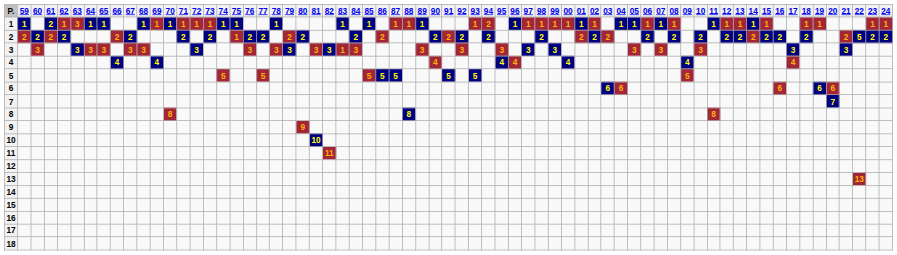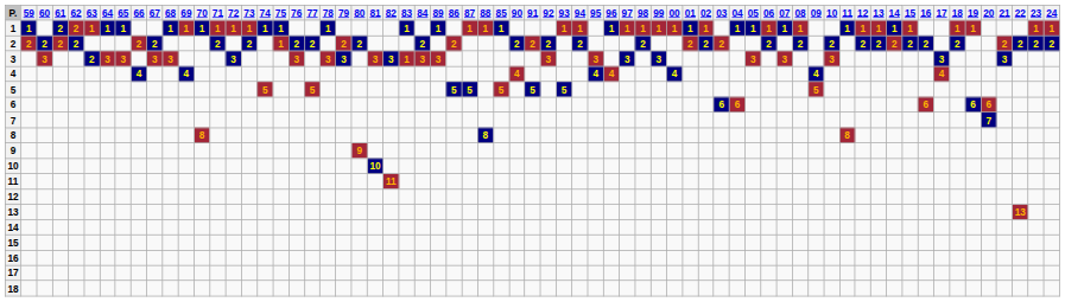 <table class="wikitable" style="text-align: center; font-size:70%">
 <tr>
 <th style="background:#c0c0c0">P.</th>
 <th><strong><a href='#'>59</a></strong></th>
 <th><strong><a href='#'>60</a></strong></th>
 <th><strong><a href='#'>61</a></strong></th>
 <th><strong><a href='#'>62</a></strong></th>
 <th><strong><a href='#'>63</a></strong></th>
 <th><strong><a href='#'>64</a></strong></th>
 <th><strong><a href='#'>65</a></strong></th>
 <th><strong><a href='#'>66</a></strong></th>
 <th><strong><a href='#'>67</a></strong></th>
 <th><strong><a href='#'>68</a></strong></th>
 <th><strong><a href='#'>69</a></strong></th>
 <th><strong><a href='#'>70</a></strong></th>
 <th><strong><a href='#'>71</a></strong></th>
 <th><strong><a href='#'>72</a></strong></th>
 <th><strong><a href='#'>73</a></strong></th>
 <th><strong><a href='#'>74</a></strong></th>
 <th><strong><a href='#'>75</a></strong></th>
 <th><strong><a href='#'>76</a></strong></th>
 <th><strong><a href='#'>77</a></strong></th>
 <th><strong><a href='#'>78</a></strong></th>
 <th><strong><a href='#'>79</a></strong></th>
 <th><strong><a href='#'>80</a></strong></th>
 <th><strong><a href='#'>81</a></strong></th>
 <th><strong><a href='#'>82</a></strong></th>
 <th><strong><a href='#'>83</a></strong></th>
 <th><strong><a href='#'>84</a></strong></th>
-<th><strong><a href='#'>85</a></strong></th>
+<th><strong><a href='#'>89</a></strong></th>
 <th><strong><a href='#'>86</a></strong></th>
 <th><strong><a href='#'>87</a></strong></th>
 <th><strong><a href='#'>88</a></strong></th>
-<th><strong><a href='#'>89</a></strong></th>
+<th><strong><a href='#'>85</a></strong></th>
 <th><strong><a href='#'>90</a></strong></th>
 <th><strong><a href='#'>91</a></strong></th>
 <th><strong><a href='#'>92</a></strong></th>
 <th><strong><a href='#'>93</a></strong></th>
 <th><strong><a href='#'>94</a></strong></th>
 <th><strong><a href='#'>95</a></strong></th>
 <th><strong><a href='#'>96</a></strong></th>
 <th><strong><a href='#'>97</a></strong></th>
 <th><strong><a href='#'>98</a></strong></th>
 <th><strong><a href='#'>99</a></strong></th>
 <th><strong><a href='#'>00</a></strong></th>
 <th><strong><a href='#'>01</a></strong></th>
 <th><strong><a href='#'>02</a></strong></th>
 <th><strong><a href='#'>03</a></strong></th>
 <th><strong><a href='#'>04</a></strong></th>
 <th><strong><a href='#'>05</a></strong></th>
 <th><strong><a href='#'>06</a></strong></th>
 <th><strong><a href='#'>07</a></strong></th>
 <th><strong><a href='#'>08</a></strong></th>
 <th><strong><a href='#'>09</a></strong></th>
 <th><strong><a href='#'>10</a></strong></th>
 <th><strong><a href='#'>11</a></strong></th>
 <th><strong><a href='#'>12</a></strong></th>
 <th><strong><a href='#'>13</a></strong></th>
 <th><strong><a href='#'>14</a></strong></th>
 <th><strong><a href='#'>15</a></strong></th>
 <th><strong><a href='#'>16</a></strong></th>
 <th><strong><a href='#'>17</a></strong></th>
 <th><strong><a href='#'>18</a></strong></th>
 <th><strong><a href='#'>19</a></strong></th>
 <th><strong><a href='#'>20</a></strong></th>
 <th><strong><a href='#'>21</a></strong></th>
 <th><strong><a href='#'>22</a></strong></th>
 <th><strong><a href='#'>23</a></strong></th>
 <th><strong><a href='#'>24</a></strong></th>
 </tr>
 <tr>
 <th>1</th>
 <td style="background-color:navy; color:yellow;"><strong>1</strong></td>
 <td></td>
 <td style="background-color:navy; color:yellow;"><strong>2</strong></td>
+<td style="background-color:#A32638; color:#FFB300;"><strong>2</strong></td>
 <td style="background-color:#A32638; color:#FFB300;"><strong>1</strong></td>
-<td style="background-color:#A32638; color:#FFB300;"><strong>3</strong></td>
 <td style="background-color:navy; color:yellow;"><strong>1</strong></td>
 <td style="background-color:navy; color:yellow;"><strong>1</strong></td>
 <td></td>
 <td></td>
 <td style="background-color:navy; color:yellow;"><strong>1</strong></td>
 <td style="background-color:#A32638; color:#FFB300;"><strong>1</strong></td>
 <td style="background-color:navy; color:yellow;"><strong>1</strong></td>
 <td style="background-color:#A32638; color:#FFB300;"><strong>1</strong></td>
 <td style="background-color:#A32638; color:#FFB300;"><strong>1</strong></td>
 <td style="background-color:#A32638; color:#FFB300;"><strong>1</strong></td>
 <td style="background-color:navy; color:yellow;"><strong>1</strong></td>
 <td style="background-color:navy; color:yellow;"><strong>1</strong></td>
 <td></td>
 <td></td>
 <td style="background-color:navy; color:yellow;"><strong>1</strong></td>
 <td></td>
 <td></td>
 <td></td>
 <td></td>
 <td style="background-color:navy; color:yellow;"><strong>1</strong></td>
 <td></td>
 <td style="background-color:navy; color:yellow;"><strong>1</strong></td>
 <td></td>
 <td style="background-color:#A32638; color:#FFB300;"><strong>1</strong></td>
 <td style="background-color:#A32638; color:#FFB300;"><strong>1</strong></td>
 <td style="background-color:navy; color:yellow;"><strong>1</strong></td>
 <td></td>
 <td></td>
 <td></td>
 <td style="background-color:#A32638; color:#FFB300;"><strong>1</strong></td>
-<td style="background-color:#A32638; color:#FFB300;"><strong>2</strong></td>
+<td style="background-color:#A32638; color:#FFB300;"><strong>1</strong></td>
 <td></td>
 <td style="background-color:navy; color:yellow;"><strong>1</strong></td>
 <td style="background-color:#A32638; color:#FFB300;"><strong>1</strong></td>
 <td style="background-color:#A32638; color:#FFB300;"><strong>1</strong></td>
 <td style="background-color:#A32638; color:#FFB300;"><strong>1</strong></td>
 <td style="background-color:#A32638; color:#FFB300;"><strong>1</strong></td>
 <td style="background-color:navy; color:yellow;"><strong>1</strong></td>
 <td style="background-color:#A32638; color:#FFB300;"><strong>1</strong></td>
 <td></td>
 <td style="background-color:navy; color:yellow;"><strong>1</strong></td>
 <td style="background-color:navy; color:yellow;"><strong>1</strong></td>
 <td style="background-color:#A32638; color:#FFB300;"><strong>1</strong></td>
 <td style="background-color:navy; color:yellow;"><strong>1</strong></td>
 <td style="background-color:#A32638; color:#FFB300;"><strong>1</strong></td>
 <td></td>
 <td></td>
 <td style="background-color:navy; color:yellow;"><strong>1</strong></td>
 <td style="background-color:#A32638; color:#FFB300;"><strong>1</strong></td>
 <td style="background-color:#A32638; color:#FFB300;"><strong>1</strong></td>
 <td style="background-color:navy; color:yellow;"><strong>1</strong></td>
 <td style="background-color:#A32638; color:#FFB300;"><strong>1</strong></td>
 <td></td>
 <td></td>
 <td style="background-color:#A32638; color:#FFB300;"><strong>1</strong></td>
 <td style="background-color:#A32638; color:#FFB300;"><strong>1</strong></td>
 <td></td>
 <td></td>
 <td></td>
 <td style="background-color:#A32638; color:#FFB300;"><strong>1</strong></td>
 <td style="background-color:#A32638; color:#FFB300;"><strong>1</strong></td>
 </tr>
 <tr>
 <th>2</th>
 <td style="background-color:#A32638; color:#FFB300;"><strong>2</strong></td>
 <td style="background-color:navy; color:yellow;"><strong>2</strong></td>
 <td style="background-color:#A32638; color:#FFB300;"><strong>2</strong></td>
 <td style="background-color:navy; color:yellow;"><strong>2</strong></td>
 <td></td>
 <td></td>
 <td></td>
 <td style="background-color:#A32638; color:#FFB300;"><strong>2</strong></td>
 <td style="background-color:navy; color:yellow;"><strong>2</strong></td>
 <td></td>
 <td></td>
 <td></td>
 <td style="background-color:navy; color:yellow;"><strong>2</strong></td>
 <td></td>
 <td style="background-color:navy; color:yellow;"><strong>2</strong></td>
 <td></td>
 <td style="background-color:#A32638; color:#FFB300;"><strong>1</strong></td>
 <td style="background-color:navy; color:yellow;"><strong>2</strong></td>
 <td style="background-color:navy; color:yellow;"><strong>2</strong></td>
 <td></td>
 <td style="background-color:#A32638; color:#FFB300;"><strong>2</strong></td>
 <td style="background-color:navy; color:yellow;"><strong>2</strong></td>
 <td></td>
 <td></td>
 <td></td>
 <td style="background-color:navy; color:yellow;"><strong>2</strong></td>
 <td></td>
 <td style="background-color:#A32638; color:#FFB300;"><strong>2</strong></td>
 <td></td>
 <td></td>
 <td></td>
 <td style="background-color:navy; color:yellow;"><strong>2</strong></td>
 <td style="background-color:#A32638; color:#FFB300;"><strong>2</strong></td>
 <td style="background-color:navy; color:yellow;"><strong>2</strong></td>
 <td></td>
 <td style="background-color:navy; color:yellow;"><strong>2</strong></td>
 <td></td>
 <td></td>
 <td></td>
 <td style="background-color:navy; color:yellow;"><strong>2</strong></td>
 <td></td>
 <td></td>
 <td style="background-color:#A32638; color:#FFB300;"><strong>2</strong></td>
 <td style="background-color:navy; color:yellow;"><strong>2</strong></td>
 <td style="background-color:#A32638; color:#FFB300;"><strong>2</strong></td>
 <td></td>
 <td></td>
 <td style="background-color:navy; color:yellow;"><strong>2</strong></td>
 <td></td>
 <td style="background-color:navy; color:yellow;"><strong>2</strong></td>
 <td></td>
 <td style="background-color:navy; color:yellow;"><strong>2</strong></td>
 <td></td>
 <td style="background-color:navy; color:yellow;"><strong>2</strong></td>
 <td style="background-color:navy; color:yellow;"><strong>2</strong></td>
 <td style="background-color:#A32638; color:#FFB300;"><strong>2</strong></td>
 <td style="background-color:navy; color:yellow;"><strong>2</strong></td>
 <td style="background-color:navy; color:yellow;"><strong>2</strong></td>
 <td></td>
 <td style="background-color:navy; color:yellow;"><strong>2</strong></td>
 <td></td>
 <td></td>
 <td style="background-color:#A32638; color:#FFB300;"><strong>2</strong></td>
-<td style="background-color:navy; color:yellow;"><strong>5</strong></td>
+<td style="background-color:navy; color:yellow;"><strong>2</strong></td>
 <td style="background-color:navy; color:yellow;"><strong>2</strong></td>
 <td style="background-color:navy; color:yellow;"><strong>2</strong></td>
 </tr>
 <tr>
 <th>3</th>
 <td></td>
 <td style="background-color:#A32638; color:#FFB300;"><strong>3</strong></td>
 <td></td>
 <td></td>
-<td style="background-color:navy; color:yellow;"><strong>3</strong></td>
+<td style="background-color:navy; color:yellow;"><strong>2</strong></td>
 <td style="background-color:#A32638; color:#FFB300;"><strong>3</strong></td>
 <td style="background-color:#A32638; color:#FFB300;"><strong>3</strong></td>
 <td></td>
 <td style="background-color:#A32638; color:#FFB300;"><strong>3</strong></td>
 <td style="background-color:#A32638; color:#FFB300;"><strong>3</strong></td>
 <td></td>
 <td></td>
 <td></td>
 <td style="background-color:navy; color:yellow;"><strong>3</strong></td>
 <td></td>
 <td></td>
 <td></td>
 <td style="background-color:#A32638; color:#FFB300;"><strong>3</strong></td>
 <td></td>
 <td style="background-color:#A32638; color:#FFB300;"><strong>3</strong></td>
 <td style="background-color:navy; color:yellow;"><strong>3</strong></td>
 <td></td>
 <td style="background-color:#A32638; color:#FFB300;"><strong>3</strong></td>
 <td style="background-color:navy; color:yellow;"><strong>3</strong></td>
 <td style="background-color:#A32638; color:#FFB300;"><strong>1</strong></td>
 <td style="background-color:#A32638; color:#FFB300;"><strong>3</strong></td>
+<td style="background-color:#A32638; color:#FFB300;"><strong>3</strong></td>
 <td></td>
 <td></td>
 <td></td>
 <td></td>
-<td style="background-color:#A32638; color:#FFB300;"><strong>3</strong></td>
 <td></td>
 <td></td>
 <td style="background-color:#A32638; color:#FFB300;"><strong>3</strong></td>
 <td></td>
 <td></td>
 <td style="background-color:#A32638; color:#FFB300;"><strong>3</strong></td>
 <td></td>
 <td style="background-color:navy; color:yellow;"><strong>3</strong></td>
 <td></td>
 <td style="background-color:navy; color:yellow;"><strong>3</strong></td>
 <td></td>
 <td></td>
 <td></td>
 <td></td>
 <td></td>
 <td style="background-color:#A32638; color:#FFB300;"><strong>3</strong></td>
 <td></td>
 <td style="background-color:#A32638; color:#FFB300;"><strong>3</strong></td>
 <td></td>
 <td></td>
 <td style="background-color:#A32638; color:#FFB300;"><strong>3</strong></td>
 <td></td>
 <td></td>
 <td></td>
 <td></td>
 <td></td>
 <td></td>
 <td style="background-color:navy; color:yellow;"><strong>3</strong></td>
 <td></td>
 <td></td>
 <td></td>
 <td style="background-color:navy; color:yellow;"><strong>3</strong></td>
 <td></td>
 <td></td>
 <td></td>
 </tr>
 <tr>
 <th>4</th>
 <td></td>
 <td></td>
 <td></td>
 <td></td>
 <td></td>
 <td></td>
 <td></td>
 <td style="background-color:navy; color:yellow;"><strong>4</strong></td>
 <td></td>
 <td></td>
 <td style="background-color:navy; color:yellow;"><strong>4</strong></td>
 <td></td>
 <td></td>
 <td></td>
 <td></td>
 <td></td>
 <td></td>
 <td></td>
 <td></td>
 <td></td>
 <td></td>
 <td></td>
 <td></td>
 <td></td>
 <td></td>
 <td></td>
 <td></td>
 <td></td>
 <td></td>
 <td></td>
 <td></td>
 <td style="background-color:#A32638; color:#FFB300;"><strong>4</strong></td>
 <td></td>
 <td></td>
 <td></td>
 <td></td>
 <td style="background-color:navy; color:yellow;"><strong>4</strong></td>
 <td style="background-color:#A32638; color:#FFB300;"><strong>4</strong></td>
 <td></td>
 <td></td>
 <td></td>
 <td style="background-color:navy; color:yellow;"><strong>4</strong></td>
 <td></td>
 <td></td>
 <td></td>
 <td></td>
 <td></td>
 <td></td>
 <td></td>
 <td></td>
 <td style="background-color:navy; color:yellow;"><strong>4</strong></td>
 <td></td>
 <td></td>
 <td></td>
 <td></td>
 <td></td>
 <td></td>
 <td></td>
 <td style="background-color:#A32638; color:#FFB300;"><strong>4</strong></td>
 <td></td>
 <td></td>
 <td></td>
 <td></td>
 <td></td>
 <td></td>
 <td></td>
 </tr>
 <tr>
 <th>5</th>
 <td></td>
 <td></td>
 <td></td>
 <td></td>
 <td></td>
 <td></td>
 <td></td>
 <td></td>
 <td></td>
 <td></td>
 <td></td>
 <td></td>
 <td></td>
 <td></td>
 <td></td>
 <td style="background-color:#A32638; color:#FFB300;"><strong>5</strong></td>
 <td></td>
 <td></td>
 <td style="background-color:#A32638; color:#FFB300;"><strong>5</strong></td>
 <td></td>
 <td></td>
 <td></td>
 <td></td>
 <td></td>
 <td></td>
 <td></td>
-<td style="background-color:#A32638; color:#FFB300;"><strong>5</strong></td>
+<td></td>
 <td style="background-color:navy; color:yellow;"><strong>5</strong></td>
 <td style="background-color:navy; color:yellow;"><strong>5</strong></td>
 <td></td>
-<td></td>
+<td style="background-color:#A32638; color:#FFB300;"><strong>5</strong></td>
 <td></td>
 <td style="background-color:navy; color:yellow;"><strong>5</strong></td>
 <td></td>
 <td style="background-color:navy; color:yellow;"><strong>5</strong></td>
 <td></td>
 <td></td>
 <td></td>
 <td></td>
 <td></td>
 <td></td>
 <td></td>
 <td></td>
 <td></td>
 <td></td>
 <td></td>
 <td></td>
 <td></td>
 <td></td>
 <td></td>
 <td style="background-color:#A32638; color:#FFB300;"><strong>5</strong></td>
 <td></td>
 <td></td>
 <td></td>
 <td></td>
 <td></td>
 <td></td>
 <td></td>
 <td></td>
 <td></td>
 <td></td>
 <td></td>
 <td></td>
 <td></td>
 <td></td>
 <td></td>
 </tr>
 <tr>
 <th>6</th>
 <td></td>
 <td></td>
 <td></td>
 <td></td>
 <td></td>
 <td></td>
 <td></td>
 <td></td>
 <td></td>
 <td></td>
 <td></td>
 <td></td>
 <td></td>
 <td></td>
 <td></td>
 <td></td>
 <td></td>
 <td></td>
 <td></td>
 <td></td>
 <td></td>
 <td></td>
 <td></td>
 <td></td>
 <td></td>
 <td></td>
 <td></td>
 <td></td>
 <td></td>
 <td></td>
 <td></td>
 <td></td>
 <td></td>
 <td></td>
 <td></td>
 <td></td>
 <td></td>
 <td></td>
 <td></td>
 <td></td>
 <td></td>
 <td></td>
 <td></td>
 <td></td>
 <td style="background-color:navy; color:yellow;"><strong>6</strong></td>
 <td style="background-color:#A32638; color:#FFB300;"><strong>6</strong></td>
 <td></td>
 <td></td>
 <td></td>
 <td></td>
 <td></td>
 <td></td>
 <td></td>
 <td></td>
 <td></td>
 <td></td>
 <td></td>
 <td style="background-color:#A32638; color:#FFB300;"><strong>6</strong></td>
 <td></td>
 <td></td>
 <td style="background-color:navy; color:yellow;"><strong>6</strong></td>
 <td style="background-color:#A32638; color:#FFB300;"><strong>6</strong></td>
 <td></td>
 <td></td>
 <td></td>
 <td></td>
 </tr>
 <tr>
 <th>7</th>
 <td></td>
 <td></td>
 <td></td>
 <td></td>
 <td></td>
 <td></td>
 <td></td>
 <td></td>
 <td></td>
 <td></td>
 <td></td>
 <td></td>
 <td></td>
 <td></td>
 <td></td>
 <td></td>
 <td></td>
 <td></td>
 <td></td>
 <td></td>
 <td></td>
 <td></td>
 <td></td>
 <td></td>
 <td></td>
 <td></td>
 <td></td>
 <td></td>
 <td></td>
 <td></td>
 <td></td>
 <td></td>
 <td></td>
 <td></td>
 <td></td>
 <td></td>
 <td></td>
 <td></td>
 <td></td>
 <td></td>
 <td></td>
 <td></td>
 <td></td>
 <td></td>
 <td></td>
 <td></td>
 <td></td>
 <td></td>
 <td></td>
 <td></td>
 <td></td>
 <td></td>
 <td></td>
 <td></td>
 <td></td>
 <td></td>
 <td></td>
 <td></td>
 <td></td>
 <td></td>
 <td></td>
 <td style="background-color:navy; color:yellow;"><strong>7</strong></td>
 <td></td>
 <td></td>
 <td></td>
 <td></td>
 </tr>
 <tr>
 <th>8</th>
 <td></td>
 <td></td>
 <td></td>
 <td></td>
 <td></td>
 <td></td>
 <td></td>
 <td></td>
 <td></td>
 <td></td>
 <td></td>
 <td style="background-color:#A32638; color:#FFB300;"><strong>8</strong></td>
 <td></td>
 <td></td>
 <td></td>
 <td></td>
 <td></td>
 <td></td>
 <td></td>
 <td></td>
 <td></td>
 <td></td>
 <td></td>
 <td></td>
 <td></td>
 <td></td>
 <td></td>
 <td></td>
 <td></td>
 <td style="background-color:navy; color:yellow;"><strong>8</strong></td>
 <td></td>
 <td></td>
 <td></td>
 <td></td>
 <td></td>
 <td></td>
 <td></td>
 <td></td>
 <td></td>
 <td></td>
 <td></td>
 <td></td>
 <td></td>
 <td></td>
 <td></td>
 <td></td>
 <td></td>
 <td></td>
 <td></td>
 <td></td>
 <td></td>
 <td></td>
 <td style="background-color:#A32638; color:#FFB300;"><strong>8</strong></td>
 <td></td>
 <td></td>
 <td></td>
 <td></td>
 <td></td>
 <td></td>
 <td></td>
 <td></td>
 <td></td>
 <td></td>
 <td></td>
 <td></td>
 <td></td>
 </tr>
 <tr>
 <th>9</th>
 <td></td>
 <td></td>
 <td></td>
 <td></td>
 <td></td>
 <td></td>
 <td></td>
 <td></td>
 <td></td>
 <td></td>
 <td></td>
 <td></td>
 <td></td>
 <td></td>
 <td></td>
 <td></td>
 <td></td>
 <td></td>
 <td></td>
 <td></td>
 <td></td>
 <td style="background-color:#A32638; color:#FFB300;"><strong>9</strong></td>
 <td></td>
 <td></td>
 <td></td>
 <td></td>
 <td></td>
 <td></td>
 <td></td>
 <td></td>
 <td></td>
 <td></td>
 <td></td>
 <td></td>
 <td></td>
 <td></td>
 <td></td>
 <td></td>
 <td></td>
 <td></td>
 <td></td>
 <td></td>
 <td></td>
 <td></td>
 <td></td>
 <td></td>
 <td></td>
 <td></td>
 <td></td>
 <td></td>
 <td></td>
 <td></td>
 <td></td>
 <td></td>
 <td></td>
 <td></td>
 <td></td>
 <td></td>
 <td></td>
 <td></td>
 <td></td>
 <td></td>
 <td></td>
 <td></td>
 <td></td>
 <td></td>
 </tr>
 <tr>
 <th>10</th>
 <td></td>
 <td></td>
 <td></td>
 <td></td>
 <td></td>
 <td></td>
 <td></td>
 <td></td>
 <td></td>
 <td></td>
 <td></td>
 <td></td>
 <td></td>
 <td></td>
 <td></td>
 <td></td>
 <td></td>
 <td></td>
 <td></td>
 <td></td>
 <td></td>
 <td></td>
 <td style="background-color:navy; color:yellow;"><strong>10</strong></td>
 <td></td>
 <td></td>
 <td></td>
 <td></td>
 <td></td>
 <td></td>
 <td></td>
 <td></td>
 <td></td>
 <td></td>
 <td></td>
 <td></td>
 <td></td>
 <td></td>
 <td></td>
 <td></td>
 <td></td>
 <td></td>
 <td></td>
 <td></td>
 <td></td>
 <td></td>
 <td></td>
 <td></td>
 <td></td>
 <td></td>
 <td></td>
 <td></td>
 <td></td>
 <td></td>
 <td></td>
 <td></td>
 <td></td>
 <td></td>
 <td></td>
 <td></td>
 <td></td>
 <td></td>
 <td></td>
 <td></td>
 <td></td>
 <td></td>
 <td></td>
 </tr>
 <tr>
 <th>11</th>
 <td></td>
 <td></td>
 <td></td>
 <td></td>
 <td></td>
 <td></td>
 <td></td>
 <td></td>
 <td></td>
 <td></td>
 <td></td>
 <td></td>
 <td></td>
 <td></td>
 <td></td>
 <td></td>
 <td></td>
 <td></td>
 <td></td>
 <td></td>
 <td></td>
 <td></td>
 <td></td>
 <td style="background-color:#A32638; color:#FFB300;"><strong>11</strong></td>
 <td></td>
 <td></td>
 <td></td>
 <td></td>
 <td></td>
 <td></td>
 <td></td>
 <td></td>
 <td></td>
 <td></td>
 <td></td>
 <td></td>
 <td></td>
 <td></td>
 <td></td>
 <td></td>
 <td></td>
 <td></td>
 <td></td>
 <td></td>
 <td></td>
 <td></td>
 <td></td>
 <td></td>
 <td></td>
 <td></td>
 <td></td>
 <td></td>
 <td></td>
 <td></td>
 <td></td>
 <td></td>
 <td></td>
 <td></td>
 <td></td>
 <td></td>
 <td></td>
 <td></td>
 <td></td>
 <td></td>
 <td></td>
 <td></td>
 </tr>
 <tr>
 <th>12</th>
 <td></td>
 <td></td>
 <td></td>
 <td></td>
 <td></td>
 <td></td>
 <td></td>
 <td></td>
 <td></td>
 <td></td>
 <td></td>
 <td></td>
 <td></td>
 <td></td>
 <td></td>
 <td></td>
 <td></td>
 <td></td>
 <td></td>
 <td></td>
 <td></td>
 <td></td>
 <td></td>
 <td></td>
 <td></td>
 <td></td>
 <td></td>
 <td></td>
 <td></td>
 <td></td>
 <td></td>
 <td></td>
 <td></td>
 <td></td>
 <td></td>
 <td></td>
 <td></td>
 <td></td>
 <td></td>
 <td></td>
 <td></td>
 <td></td>
 <td></td>
 <td></td>
 <td></td>
 <td></td>
 <td></td>
 <td></td>
 <td></td>
 <td></td>
 <td></td>
 <td></td>
 <td></td>
 <td></td>
 <td></td>
 <td></td>
 <td></td>
 <td></td>
 <td></td>
 <td></td>
 <td></td>
 <td></td>
 <td></td>
 <td></td>
 <td></td>
 <td></td>
 </tr>
 <tr>
 <th>13</th>
 <td></td>
 <td></td>
 <td></td>
 <td></td>
 <td></td>
 <td></td>
 <td></td>
 <td></td>
 <td></td>
 <td></td>
 <td></td>
 <td></td>
 <td></td>
 <td></td>
 <td></td>
 <td></td>
 <td></td>
 <td></td>
 <td></td>
 <td></td>
 <td></td>
 <td></td>
 <td></td>
 <td></td>
 <td></td>
 <td></td>
 <td></td>
 <td></td>
 <td></td>
 <td></td>
 <td></td>
 <td></td>
 <td></td>
 <td></td>
 <td></td>
 <td></td>
 <td></td>
 <td></td>
 <td></td>
 <td></td>
 <td></td>
 <td></td>
 <td></td>
 <td></td>
 <td></td>
 <td></td>
 <td></td>
 <td></td>
 <td></td>
 <td></td>
 <td></td>
 <td></td>
 <td></td>
 <td></td>
 <td></td>
 <td></td>
 <td></td>
 <td></td>
 <td></td>
 <td></td>
 <td></td>
 <td></td>
 <td></td>
 <td style="background-color:#A32638; color:#FFB300;"><strong>13</strong></td>
 <td></td>
 <td></td>
 </tr>
 <tr>
 <th>14</th>
 <td></td>
 <td></td>
 <td></td>
 <td></td>
 <td></td>
 <td></td>
 <td></td>
 <td></td>
 <td></td>
 <td></td>
 <td></td>
 <td></td>
 <td></td>
 <td></td>
 <td></td>
 <td></td>
 <td></td>
 <td></td>
 <td></td>
 <td></td>
 <td></td>
 <td></td>
 <td></td>
 <td></td>
 <td></td>
 <td></td>
 <td></td>
 <td></td>
 <td></td>
 <td></td>
 <td></td>
 <td></td>
 <td></td>
 <td></td>
 <td></td>
 <td></td>
 <td></td>
 <td></td>
 <td></td>
 <td></td>
 <td></td>
 <td></td>
 <td></td>
 <td></td>
 <td></td>
 <td></td>
 <td></td>
 <td></td>
 <td></td>
 <td></td>
 <td></td>
 <td></td>
 <td></td>
 <td></td>
 <td></td>
 <td></td>
 <td></td>
 <td></td>
 <td></td>
 <td></td>
 <td></td>
 <td></td>
 <td></td>
 <td></td>
 <td></td>
 <td></td>
 </tr>
 <tr>
 <th>15</th>
 <td></td>
 <td></td>
 <td></td>
 <td></td>
 <td></td>
 <td></td>
 <td></td>
 <td></td>
 <td></td>
 <td></td>
 <td></td>
 <td></td>
 <td></td>
 <td></td>
 <td></td>
 <td></td>
 <td></td>
 <td></td>
 <td></td>
 <td></td>
 <td></td>
 <td></td>
 <td></td>
 <td></td>
 <td></td>
 <td></td>
 <td></td>
 <td></td>
 <td></td>
 <td></td>
 <td></td>
 <td></td>
 <td></td>
 <td></td>
 <td></td>
 <td></td>
 <td></td>
 <td></td>
 <td></td>
 <td></td>
 <td></td>
 <td></td>
 <td></td>
 <td></td>
 <td></td>
 <td></td>
 <td></td>
 <td></td>
 <td></td>
 <td></td>
 <td></td>
 <td></td>
 <td></td>
 <td></td>
 <td></td>
 <td></td>
 <td></td>
 <td></td>
 <td></td>
 <td></td>
 <td></td>
 <td></td>
 <td></td>
 <td></td>
 <td></td>
 <td></td>
 </tr>
 <tr>
 <th>16</th>
 <td></td>
 <td></td>
 <td></td>
 <td></td>
 <td></td>
 <td></td>
 <td></td>
 <td></td>
 <td></td>
 <td></td>
 <td></td>
 <td></td>
 <td></td>
 <td></td>
 <td></td>
 <td></td>
 <td></td>
 <td></td>
 <td></td>
 <td></td>
 <td></td>
 <td></td>
 <td></td>
 <td></td>
 <td></td>
 <td></td>
 <td></td>
 <td></td>
 <td></td>
 <td></td>
 <td></td>
 <td></td>
 <td></td>
 <td></td>
 <td></td>
 <td></td>
 <td></td>
 <td></td>
 <td></td>
 <td></td>
 <td></td>
 <td></td>
 <td></td>
 <td></td>
 <td></td>
 <td></td>
 <td></td>
 <td></td>
 <td></td>
 <td></td>
 <td></td>
 <td></td>
 <td></td>
 <td></td>
 <td></td>
 <td></td>
 <td></td>
 <td></td>
 <td></td>
 <td></td>
 <td></td>
 <td></td>
 <td></td>
 <td></td>
 <td></td>
 <td></td>
 </tr>
 <tr>
 <th>17</th>
 <td></td>
 <td></td>
 <td></td>
 <td></td>
 <td></td>
 <td></td>
 <td></td>
 <td></td>
 <td></td>
 <td></td>
 <td></td>
 <td></td>
 <td></td>
 <td></td>
 <td></td>
 <td></td>
 <td></td>
 <td></td>
 <td></td>
 <td></td>
 <td></td>
 <td></td>
 <td></td>
 <td></td>
 <td></td>
 <td></td>
 <td></td>
 <td></td>
 <td></td>
 <td></td>
 <td></td>
 <td></td>
 <td></td>
 <td></td>
 <td></td>
 <td></td>
 <td></td>
 <td></td>
 <td></td>
 <td></td>
 <td></td>
 <td></td>
 <td></td>
 <td></td>
 <td></td>
 <td></td>
 <td></td>
 <td></td>
 <td></td>
 <td></td>
 <td></td>
 <td></td>
 <td></td>
 <td></td>
 <td></td>
 <td></td>
 <td></td>
 <td></td>
 <td></td>
 <td></td>
 <td></td>
 <td></td>
 <td></td>
 <td></td>
 <td></td>
 <td></td>
 </tr>
 <tr>
 <th>18</th>
 <td></td>
 <td></td>
 <td></td>
 <td></td>
 <td></td>
 <td></td>
 <td></td>
 <td></td>
 <td></td>
 <td></td>
 <td></td>
 <td></td>
 <td></td>
 <td></td>
 <td></td>
 <td></td>
 <td></td>
 <td></td>
 <td></td>
 <td></td>
 <td></td>
 <td></td>
 <td></td>
 <td></td>
 <td></td>
 <td></td>
 <td></td>
 <td></td>
 <td></td>
 <td></td>
 <td></td>
 <td></td>
 <td></td>
 <td></td>
 <td></td>
 <td></td>
 <td></td>
 <td></td>
 <td></td>
 <td></td>
 <td></td>
 <td></td>
 <td></td>
 <td></td>
 <td></td>
 <td></td>
 <td></td>
 <td></td>
 <td></td>
 <td></td>
 <td></td>
 <td></td>
 <td></td>
 <td></td>
 <td></td>
 <td></td>
 <td></td>
 <td></td>
 <td></td>
 <td></td>
 <td></td>
 <td></td>
 <td></td>
 <td></td>
 <td></td>
 <td></td>
 </tr>
 </table>
